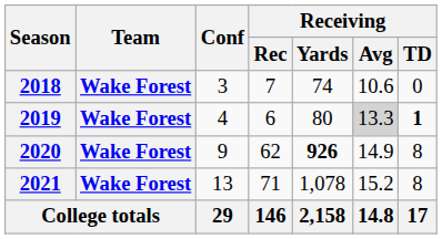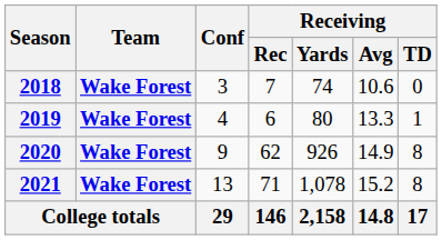 <table class="wikitable" style="text-align:center;">
 <tr>
 <th rowspan="2">Season</th>
 <th rowspan="2">Team</th>
 <th rowspan="2">Conf</th>
 <th colspan="4">Receiving</th>
 </tr>
 <tr>
 <th>Rec</th>
 <th>Yards</th>
 <th>Avg</th>
 <th>TD</th>
 </tr>
 <tr>
 <th><a href='#'>2018</a></th>
 <th><a href='#'>Wake Forest</a></th>
 <td>3</td>
 <td>7</td>
 <td>74</td>
 <td>10.6</td>
 <td>0</td>
 </tr>
 <tr>
 <th><a href='#'>2019</a></th>
 <th><a href='#'>Wake Forest</a></th>
 <td>4</td>
 <td>6</td>
 <td>80</td>
-<td style="background: lightgrey;">13.3</td>
-<td><strong>1</strong></td>
+<td>13.3</td>
+<td>1</td>
 </tr>
 <tr>
 <th><a href='#'>2020</a></th>
 <th><a href='#'>Wake Forest</a></th>
 <td>9</td>
 <td>62</td>
-<td><strong>926</strong></td>
+<td>926</td>
 <td>14.9</td>
 <td>8</td>
 </tr>
 <tr>
 <th><a href='#'>2021</a></th>
 <th><a href='#'>Wake Forest</a></th>
 <td>13</td>
 <td>71</td>
 <td>1,078</td>
 <td>15.2</td>
 <td>8</td>
 </tr>
 <tr>
 <th colspan="2">College totals</th>
 <th>29</th>
 <th>146</th>
 <th>2,158</th>
 <th>14.8</th>
 <th>17</th>
 </tr>
 </table>
